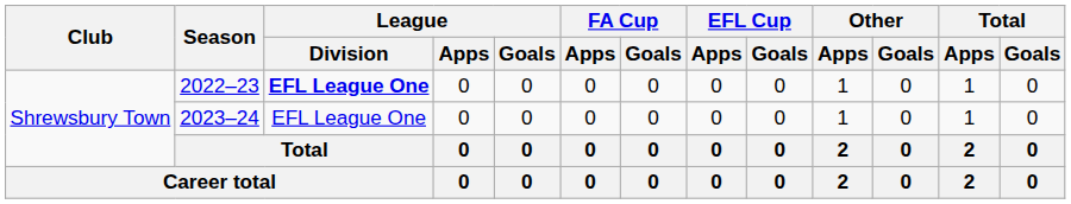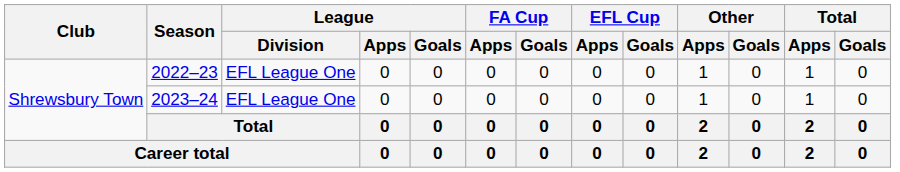 <table class="wikitable" style="text-align:center;">
 <tr>
 <th rowspan="2">Club</th>
 <th rowspan="2">Season</th>
 <th colspan="3">League</th>
 <th colspan="2"><a href='#'>FA Cup</a></th>
 <th colspan="2"><a href='#'>EFL Cup</a></th>
 <th colspan="2">Other</th>
 <th colspan="2">Total</th>
 </tr>
 <tr>
 <th>Division</th>
 <th>Apps</th>
 <th>Goals</th>
 <th>Apps</th>
 <th>Goals</th>
 <th>Apps</th>
 <th>Goals</th>
 <th>Apps</th>
 <th>Goals</th>
 <th>Apps</th>
 <th>Goals</th>
 </tr>
 <tr>
 <td rowspan="3"><a href='#'>Shrewsbury Town</a></td>
 <td><a href='#'>2022–23</a></td>
-<td><strong><a href='#'>EFL League One</a></strong></td>
+<td><a href='#'>EFL League One</a></td>
 <td>0</td>
 <td>0</td>
 <td>0</td>
 <td>0</td>
 <td>0</td>
 <td>0</td>
 <td>1</td>
 <td>0</td>
 <td>1</td>
 <td>0</td>
 </tr>
 <tr>
 <td><a href='#'>2023–24</a></td>
 <td><a href='#'>EFL League One</a></td>
 <td>0</td>
 <td>0</td>
 <td>0</td>
 <td>0</td>
 <td>0</td>
 <td>0</td>
 <td>1</td>
 <td>0</td>
 <td>1</td>
 <td>0</td>
 </tr>
 <tr>
 <th colspan="2">Total</th>
 <th>0</th>
 <th>0</th>
 <th>0</th>
 <th>0</th>
 <th>0</th>
 <th>0</th>
 <th>2</th>
 <th>0</th>
 <th>2</th>
 <th>0</th>
 </tr>
 <tr>
 <th colspan="3">Career total</th>
 <th>0</th>
 <th>0</th>
 <th>0</th>
 <th>0</th>
 <th>0</th>
 <th>0</th>
 <th>2</th>
 <th>0</th>
 <th>2</th>
 <th>0</th>
 </tr>
 </table>
